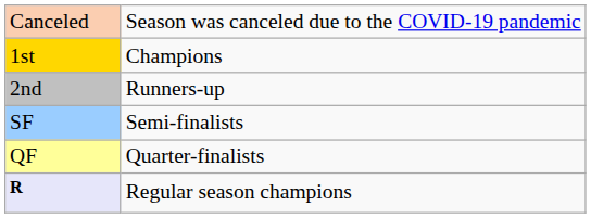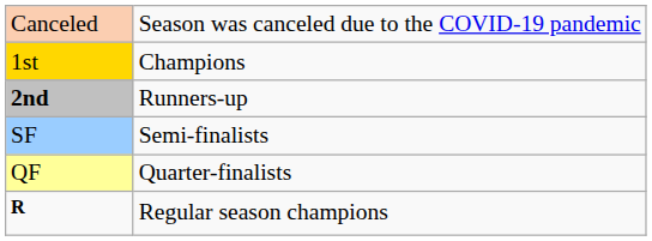 <table class="wikitable">
 <tr>
 <td style="background-color:#FBCEB1" width="80px">Canceled</td>
 <td colspan="6">Season was canceled due to the <a href='#'>COVID-19 pandemic</a></td>
 </tr>
 <tr>
 <td style="background-color:gold" width="80px">1st</td>
 <td colspan="6">Champions</td>
 </tr>
 <tr>
-<td style="background-color:silver" width="80px">2nd</td>
+<td style="background-color:silver" width="80px"><strong>2nd</strong></td>
 <td colspan="6">Runners-up</td>
 </tr>
 <tr>
 <td style="background-color:#9acdff" width="80px">SF</td>
 <td colspan="6">Semi-finalists</td>
 </tr>
 <tr>
 <td style="background-color:#FFFF99" width="80px">QF</td>
 <td colspan="6">Quarter-finalists</td>
 </tr>
 <tr>
-<td width="80px" style="background: lavender;"><sup><strong>R</strong></sup></td>
+<td width="80px"><sup><strong>R</strong></sup></td>
 <td colspan="6">Regular season champions</td>
 </tr>
 </table>
